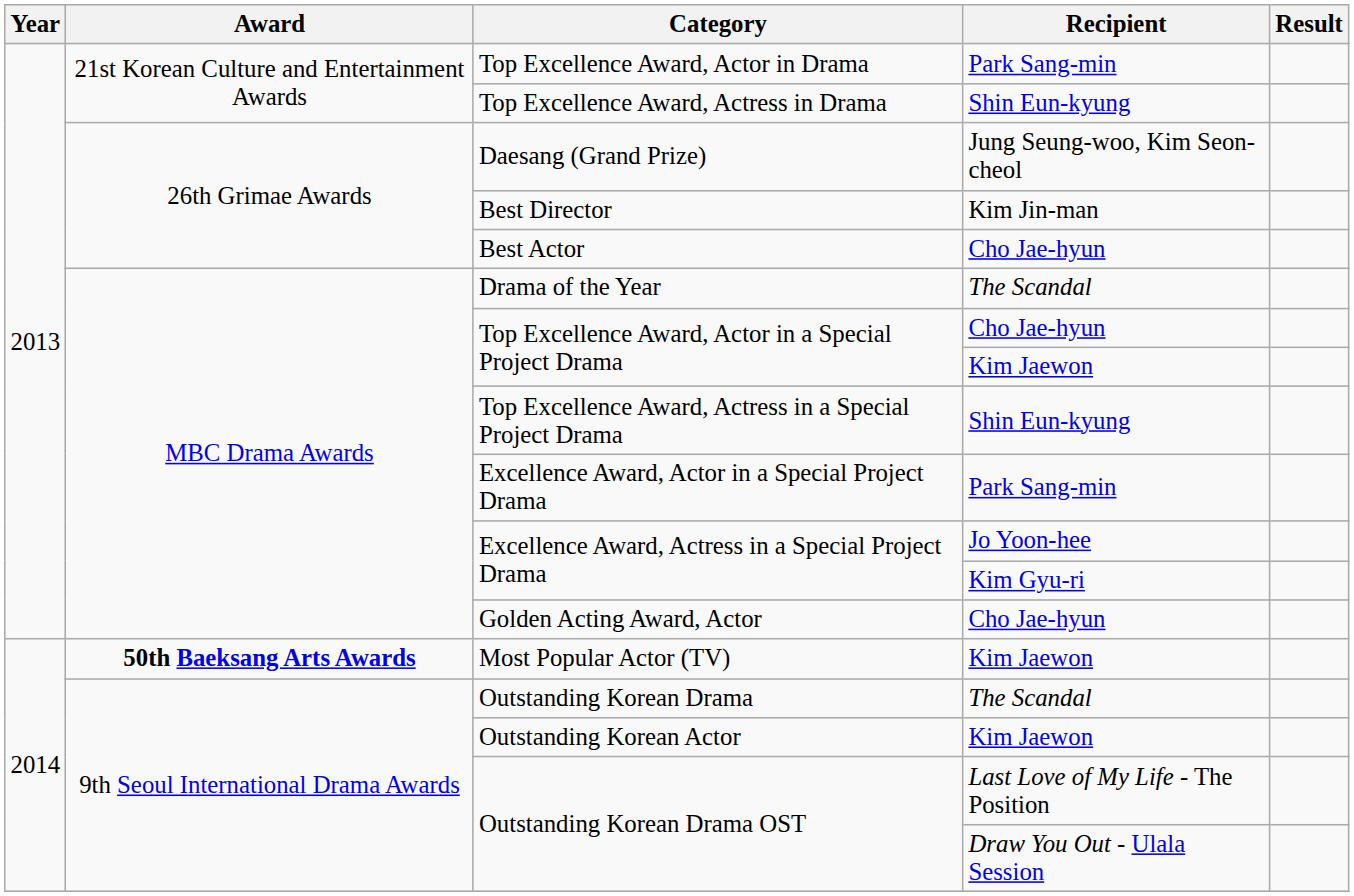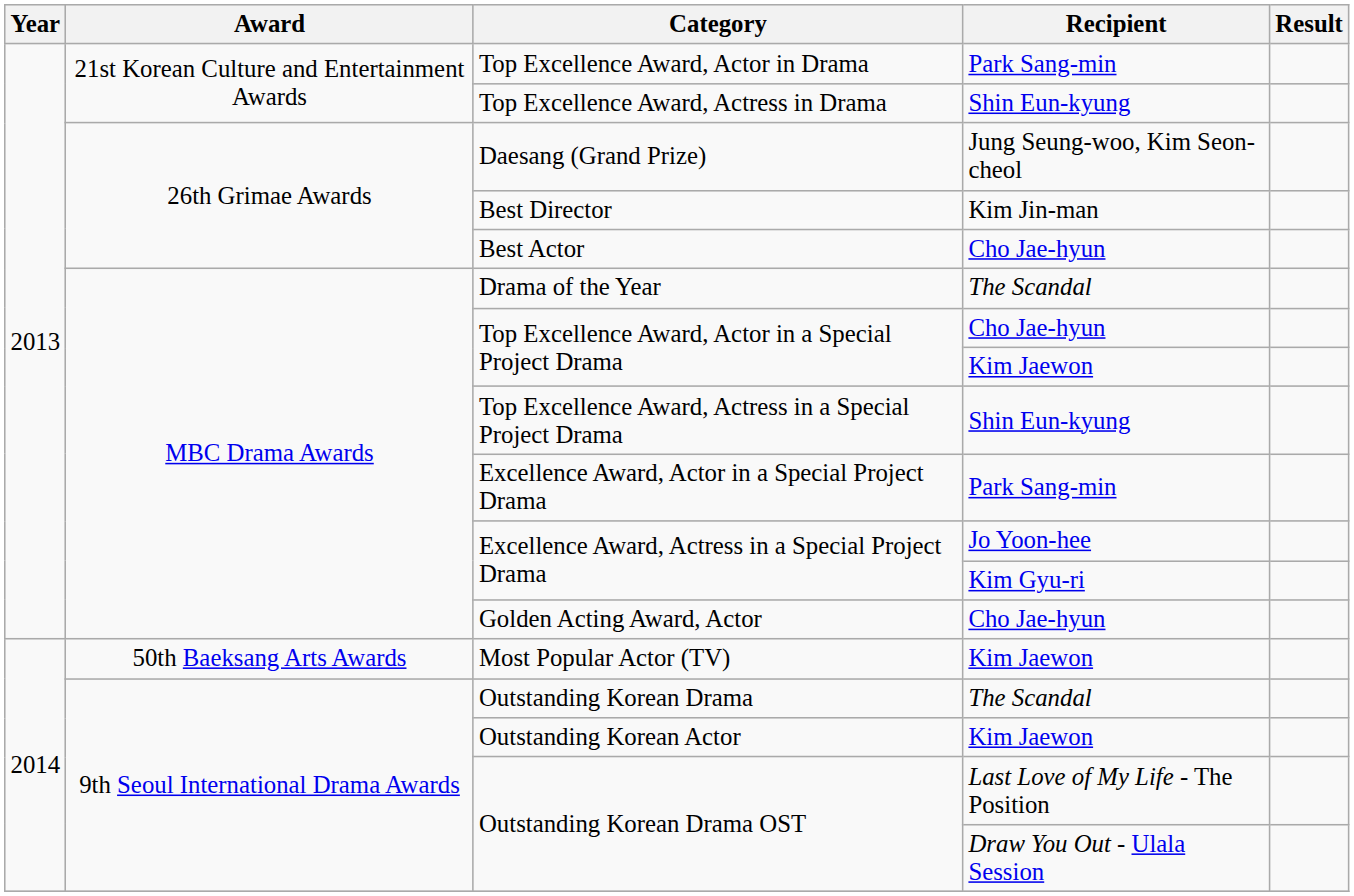 <table class="wikitable">
 <tr>
 <th>Year</th>
 <th>Award</th>
 <th>Category</th>
 <th>Recipient</th>
 <th>Result</th>
 </tr>
 <tr>
 <td rowspan=13>2013</td>
 <td rowspan=2 style="text-align:center;">21st Korean Culture and Entertainment Awards</td>
 <td>Top Excellence Award, Actor in Drama</td>
 <td><a href='#'>Park Sang-min</a></td>
 <td></td>
 </tr>
 <tr>
 <td>Top Excellence Award, Actress in Drama</td>
 <td><a href='#'>Shin Eun-kyung</a></td>
 <td></td>
 </tr>
 <tr>
 <td rowspan=3 style="text-align:center;">26th Grimae Awards</td>
 <td>Daesang (Grand Prize)</td>
 <td>Jung Seung-woo, Kim Seon-cheol</td>
 <td></td>
 </tr>
 <tr>
 <td>Best Director</td>
 <td>Kim Jin-man</td>
 <td></td>
 </tr>
 <tr>
 <td>Best Actor</td>
 <td><a href='#'>Cho Jae-hyun</a></td>
 <td></td>
 </tr>
 <tr>
 <td rowspan=8 style="text-align:center;"><a href='#'>MBC Drama Awards</a></td>
 <td>Drama of the Year</td>
 <td><em>The Scandal</em></td>
 <td></td>
 </tr>
 <tr>
 <td rowspan=2>Top Excellence Award, Actor in a Special Project Drama</td>
 <td><a href='#'>Cho Jae-hyun</a></td>
 <td></td>
 </tr>
 <tr>
 <td><a href='#'>Kim Jaewon</a></td>
 <td></td>
 </tr>
 <tr>
 <td>Top Excellence Award, Actress in a Special Project Drama</td>
 <td><a href='#'>Shin Eun-kyung</a></td>
 <td></td>
 </tr>
 <tr>
 <td>Excellence Award, Actor in a Special Project Drama</td>
 <td><a href='#'>Park Sang-min</a></td>
 <td></td>
 </tr>
 <tr>
 <td rowspan=2>Excellence Award, Actress in a Special Project Drama</td>
 <td><a href='#'>Jo Yoon-hee</a></td>
 <td></td>
 </tr>
 <tr>
 <td><a href='#'>Kim Gyu-ri</a></td>
 <td></td>
 </tr>
 <tr>
 <td>Golden Acting Award, Actor</td>
 <td><a href='#'>Cho Jae-hyun</a></td>
 <td></td>
 </tr>
 <tr>
 <td rowspan=5>2014</td>
-<td style="text-align:center;"><strong>50th <a href='#'>Baeksang Arts Awards</a></strong></td>
+<td style="text-align:center;">50th <a href='#'>Baeksang Arts Awards</a></td>
 <td>Most Popular Actor (TV)</td>
 <td><a href='#'>Kim Jaewon</a></td>
 <td></td>
 </tr>
 <tr>
 <td rowspan=4 style="text-align:center;">9th <a href='#'>Seoul International Drama Awards</a></td>
 <td>Outstanding Korean Drama</td>
 <td><em>The Scandal</em></td>
 <td></td>
 </tr>
 <tr>
 <td>Outstanding Korean Actor</td>
 <td><a href='#'>Kim Jaewon</a></td>
 <td></td>
 </tr>
 <tr>
 <td rowspan=2>Outstanding Korean Drama OST</td>
 <td><em>Last Love of My Life</em> - The Position</td>
 <td></td>
 </tr>
 <tr>
 <td><em>Draw You Out</em> - <a href='#'>Ulala Session</a></td>
 <td></td>
 </tr>
 <tr>
 </tr>
 </table>
